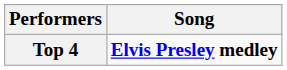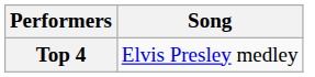 <table class="wikitable unsortable" style="text-align:center;">
 <tr>
 <th scope="col">Performers</th>
 <th scope="col">Song</th>
 </tr>
 <tr>
 <th scope="row">Top 4</th>
-<td><strong><a href='#'>Elvis Presley</a> medley</strong></td>
+<td><a href='#'>Elvis Presley</a> medley</td>
 </tr>
 </table>
